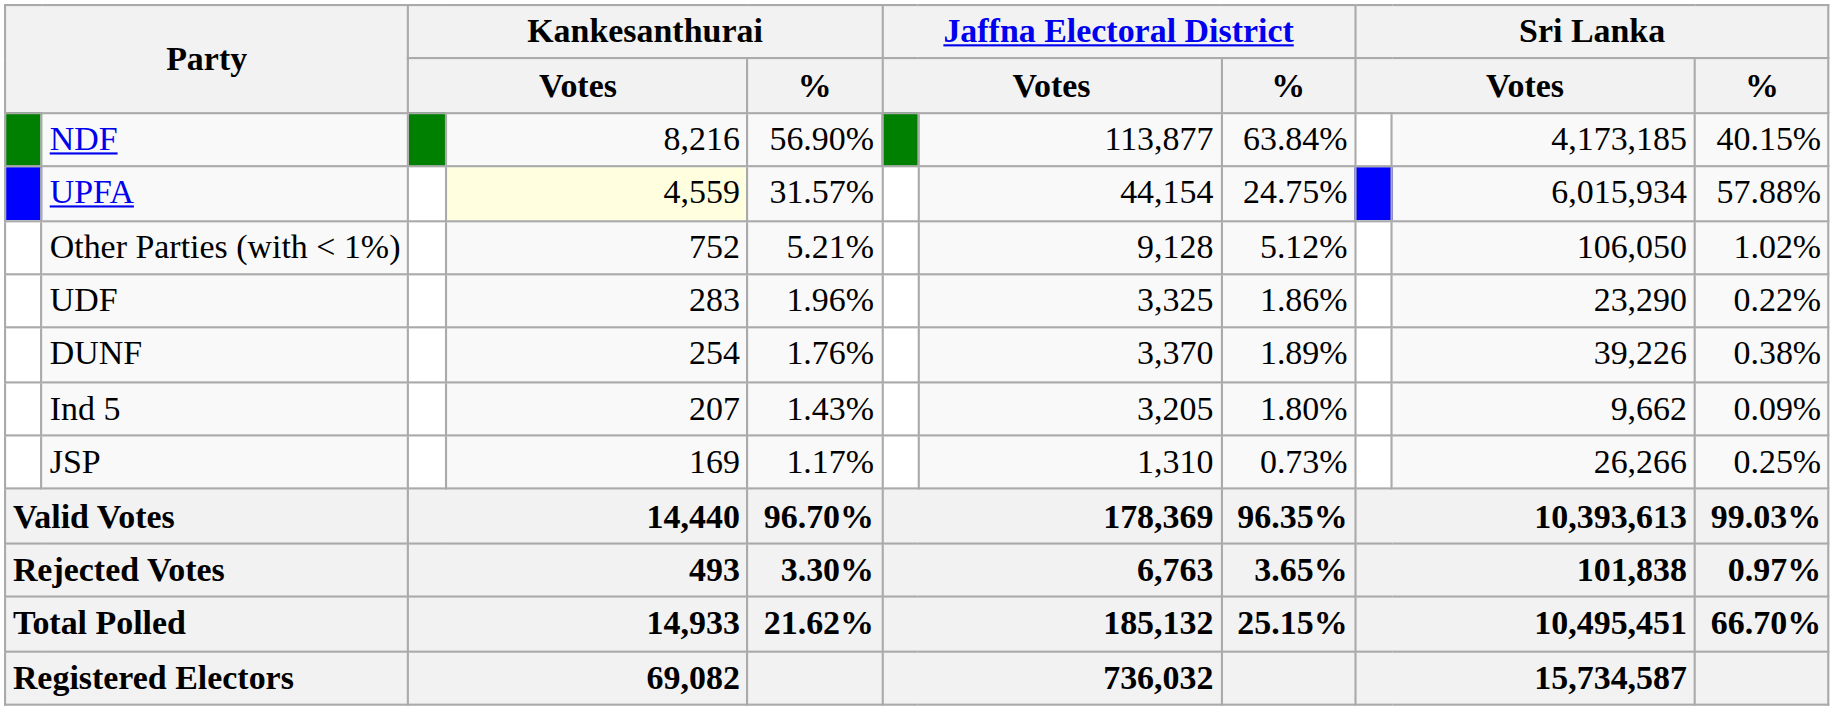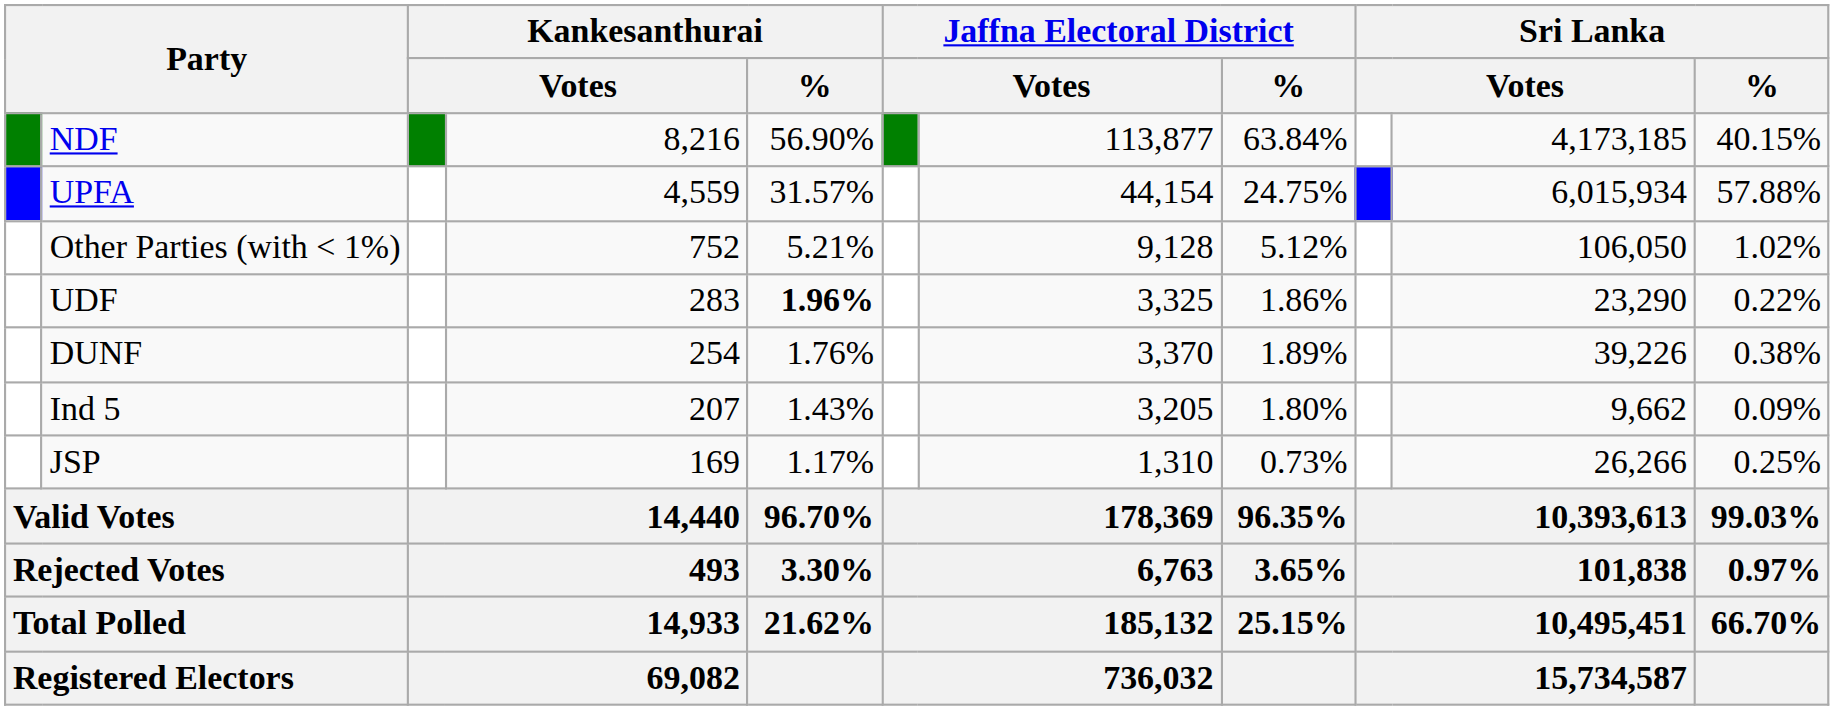 <table class="wikitable">
 <tr>
 <th colspan="2" width="144px"rowspan="2">Party</th>
 <th colspan="3" width="216px">Kankesanthurai</th>
 <th colspan="3" width="216px"><a href='#'>Jaffna Electoral District</a></th>
 <th colspan="3" width="216px">Sri Lanka</th>
 </tr>
 <tr>
 <th colspan="2" width="144px">Votes</th>
 <th>%</th>
 <th colspan="2" width="144px">Votes</th>
 <th>%</th>
 <th colspan="2" width="144px">Votes</th>
 <th>%</th>
 </tr>
 <tr>
 <td style="background-color:green;" width="10px"></td>
 <td style="text-align:left;"><a href='#'>NDF</a></td>
 <td style="background-color:green;" width="10px"></td>
 <td style="text-align:right;">8,216</td>
 <td style="text-align:right;">56.90%</td>
 <td style="background-color:green;" width="10px"></td>
 <td style="text-align:right;">113,877</td>
 <td style="text-align:right;">63.84%</td>
 <td style="background-color:white;" width="10px"></td>
 <td style="text-align:right;">4,173,185</td>
 <td style="text-align:right;">40.15%</td>
 </tr>
 <tr>
 <td style="background-color:blue;" width="10px"></td>
 <td style="text-align:left;"><a href='#'>UPFA</a></td>
 <td style="background-color:white;" width="10px"></td>
-<td style="background: lightyellow; text-align:right;">4,559</td>
+<td style="text-align:right;">4,559</td>
 <td style="text-align:right;">31.57%</td>
 <td style="background-color:white;" width="10px"></td>
 <td style="text-align:right;">44,154</td>
 <td style="text-align:right;">24.75%</td>
 <td style="background-color:blue;" width="10px"></td>
 <td style="text-align:right;">6,015,934</td>
 <td style="text-align:right;">57.88%</td>
 </tr>
 <tr>
 <td style="background-color:white;" width="10px"></td>
 <td style="text-align:left;">Other Parties (with < 1%)</td>
 <td style="background-color:white;" width="10px"></td>
 <td style="text-align:right;">752</td>
 <td style="text-align:right;">5.21%</td>
 <td style="background-color:white;" width="10px"></td>
 <td style="text-align:right;">9,128</td>
 <td style="text-align:right;">5.12%</td>
 <td style="background-color:white;" width="10px"></td>
 <td style="text-align:right;">106,050</td>
 <td style="text-align:right;">1.02%</td>
 </tr>
 <tr>
 <td style="background-color:white;" width="10px"></td>
 <td style="text-align:left;">UDF</td>
 <td style="background-color:white;" width="10px"></td>
 <td style="text-align:right;">283</td>
-<td style="text-align:right;">1.96%</td>
+<td style="text-align:right;"><strong>1.96%</strong></td>
 <td style="background-color:white;" width="10px"></td>
 <td style="text-align:right;">3,325</td>
 <td style="text-align:right;">1.86%</td>
 <td style="background-color:white;" width="10px"></td>
 <td style="text-align:right;">23,290</td>
 <td style="text-align:right;">0.22%</td>
 </tr>
 <tr>
 <td style="background-color:white;" width="10px"></td>
 <td style="text-align:left;">DUNF</td>
 <td style="background-color:white;" width="10px"></td>
 <td style="text-align:right;">254</td>
 <td style="text-align:right;">1.76%</td>
 <td style="background-color:white;" width="10px"></td>
 <td style="text-align:right;">3,370</td>
 <td style="text-align:right;">1.89%</td>
 <td style="background-color:white;" width="10px"></td>
 <td style="text-align:right;">39,226</td>
 <td style="text-align:right;">0.38%</td>
 </tr>
 <tr>
 <td style="background-color:white;" width="10px"></td>
 <td style="text-align:left;">Ind 5</td>
 <td style="background-color:white;" width="10px"></td>
 <td style="text-align:right;">207</td>
 <td style="text-align:right;">1.43%</td>
 <td style="background-color:white;" width="10px"></td>
 <td style="text-align:right;">3,205</td>
 <td style="text-align:right;">1.80%</td>
 <td style="background-color:white;" width="10px"></td>
 <td style="text-align:right;">9,662</td>
 <td style="text-align:right;">0.09%</td>
 </tr>
 <tr>
 <td style="background-color:white;" width="10px"></td>
 <td style="text-align:left;">JSP</td>
 <td style="background-color:white;" width="10px"></td>
 <td style="text-align:right;">169</td>
 <td style="text-align:right;">1.17%</td>
 <td style="background-color:white;" width="10px"></td>
 <td style="text-align:right;">1,310</td>
 <td style="text-align:right;">0.73%</td>
 <td style="background-color:white;" width="10px"></td>
 <td style="text-align:right;">26,266</td>
 <td style="text-align:right;">0.25%</td>
 </tr>
 <tr>
 <th colspan="2" width="144px"style="text-align:left;">Valid Votes</th>
 <th style="text-align:right;"colspan="2" width="144px">14,440</th>
 <th style="text-align:right;">96.70%</th>
 <th style="text-align:right;"colspan="2" width="144px">178,369</th>
 <th style="text-align:right;">96.35%</th>
 <th style="text-align:right;"colspan="2" width="144px">10,393,613</th>
 <th style="text-align:right;">99.03%</th>
 </tr>
 <tr>
 <th colspan="2" width="144px"style="text-align:left;">Rejected Votes</th>
 <th style="text-align:right;"colspan="2" width="144px">493</th>
 <th style="text-align:right;">3.30%</th>
 <th style="text-align:right;"colspan="2" width="144px">6,763</th>
 <th style="text-align:right;">3.65%</th>
 <th style="text-align:right;"colspan="2" width="144px">101,838</th>
 <th style="text-align:right;">0.97%</th>
 </tr>
 <tr>
 <th colspan="2" width="144px"style="text-align:left;">Total Polled</th>
 <th style="text-align:right;"colspan="2" width="144px">14,933</th>
 <th style="text-align:right;">21.62%</th>
 <th style="text-align:right;"colspan="2" width="144px">185,132</th>
 <th style="text-align:right;">25.15%</th>
 <th style="text-align:right;"colspan="2" width="144px">10,495,451</th>
 <th style="text-align:right;">66.70%</th>
 </tr>
 <tr>
 <th colspan="2" width="144px"style="text-align:left;">Registered Electors</th>
 <th style="text-align:right;"colspan="2" width="144px">69,082</th>
 <th></th>
 <th style="text-align:right;"colspan="2" width="144px">736,032</th>
 <th></th>
 <th style="text-align:right;"colspan="2" width="144px">15,734,587</th>
 <th></th>
 </tr>
 </table>
